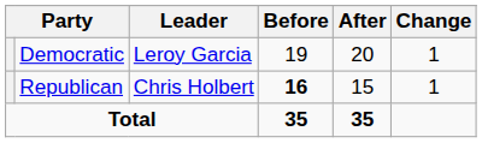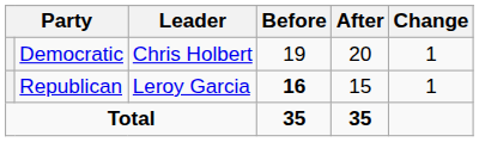 <table class="wikitable" style="text-align:center;">
 <tr>
 </tr>
 <tr>
 <th colspan=2>Party</th>
 <th>Leader</th>
 <th>Before</th>
 <th>After</th>
 <th>Change</th>
 </tr>
 <tr>
 <th style="background-color:"></th>
 <td style="text-align:left;"><a href='#'>Democratic</a></td>
-<td style="text-align:left;"><a href='#'>Leroy Garcia</a></td>
+<td style="text-align:left;"><a href='#'>Chris Holbert</a></td>
 <td>19</td>
 <td>20</td>
 <td> 1</td>
 </tr>
 <tr>
 <th style="background-color:"></th>
 <td style="text-align:left;"><a href='#'>Republican</a></td>
-<td style="text-align:left;"><a href='#'>Chris Holbert</a></td>
+<td style="text-align:left;"><a href='#'>Leroy Garcia</a></td>
 <td><strong>16</strong></td>
 <td>15</td>
 <td> 1</td>
 </tr>
 <tr>
 <td colspan=3><strong>Total</strong></td>
 <td><strong>35</strong></td>
 <td><strong>35</strong></td>
 <td></td>
 </tr>
 </table>
